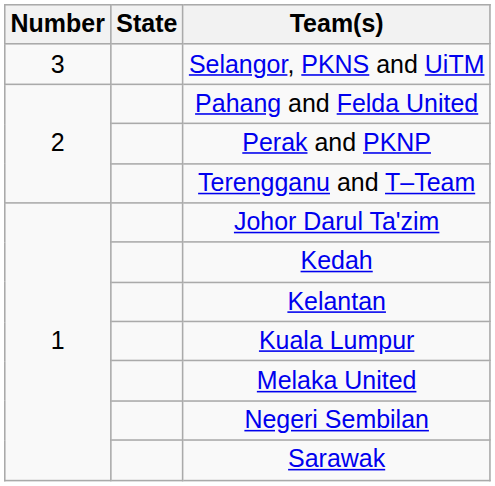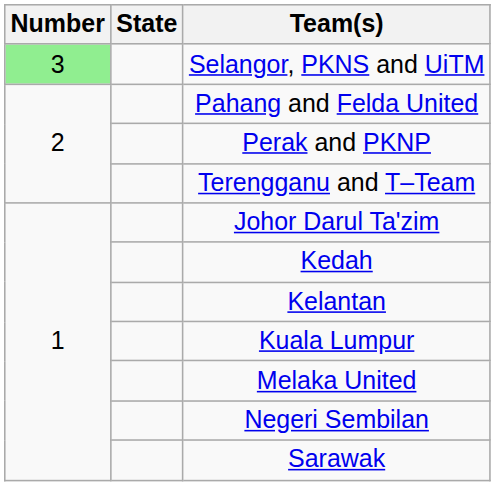 <table class="wikitable" style="text-align:center">
 <tr>
 <th>Number</th>
 <th>State</th>
 <th>Team(s)</th>
 </tr>
 <tr>
-<td>3</td>
+<td style="background: lightgreen;">3</td>
 <td align="left"></td>
 <td><a href='#'>Selangor</a>, <a href='#'>PKNS</a> and <a href='#'>UiTM</a></td>
 </tr>
 <tr>
 <td rowspan="3">2</td>
 <td align="left"></td>
 <td><a href='#'>Pahang</a> and <a href='#'>Felda United</a></td>
 </tr>
 <tr>
 <td align="left"></td>
 <td><a href='#'>Perak</a> and <a href='#'>PKNP</a></td>
 </tr>
 <tr>
 <td align="left"></td>
 <td><a href='#'>Terengganu</a> and <a href='#'>T–Team</a></td>
 </tr>
 <tr>
 <td rowspan="7">1</td>
 <td align="left"></td>
 <td><a href='#'>Johor Darul Ta'zim</a></td>
 </tr>
 <tr>
 <td align="left"></td>
 <td><a href='#'>Kedah</a></td>
 </tr>
 <tr>
 <td align="left"></td>
 <td><a href='#'>Kelantan</a></td>
 </tr>
 <tr>
 <td align="left"></td>
 <td><a href='#'>Kuala Lumpur</a></td>
 </tr>
 <tr>
 <td align="left"></td>
 <td><a href='#'>Melaka United</a></td>
 </tr>
 <tr>
 <td align="left"></td>
 <td><a href='#'>Negeri Sembilan</a></td>
 </tr>
 <tr>
 <td align="left"></td>
 <td><a href='#'>Sarawak</a></td>
 </tr>
 </table>
